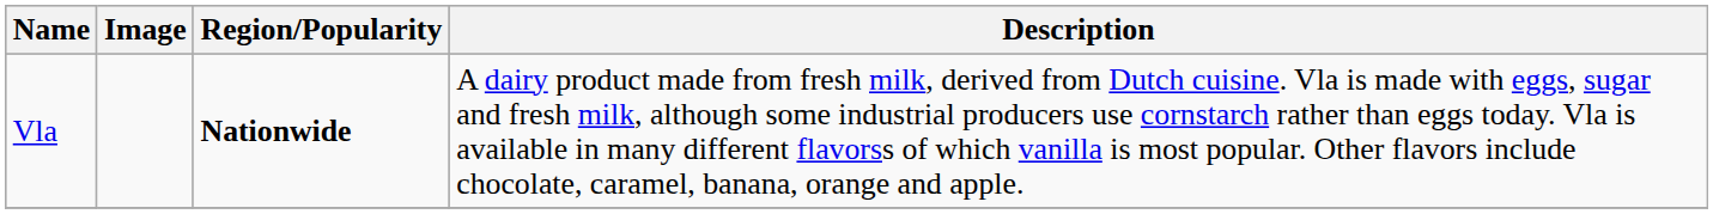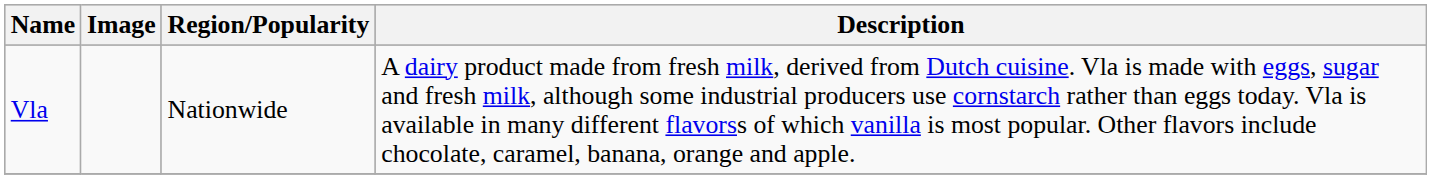 <table class="wikitable sortable" width="100%">
 <tr>
 <th>Name</th>
 <th>Image</th>
 <th>Region/Popularity</th>
 <th>Description</th>
 </tr>
 <tr>
 <td><a href='#'>Vla</a></td>
 <td></td>
-<td><strong>Nationwide</strong></td>
+<td>Nationwide</td>
 <td>A <a href='#'>dairy</a> product made from fresh <a href='#'>milk</a>, derived from <a href='#'>Dutch cuisine</a>. Vla is made with <a href='#'>eggs</a>, <a href='#'>sugar</a> and fresh <a href='#'>milk</a>, although some industrial producers use <a href='#'>cornstarch</a> rather than eggs today. Vla is available in many different <a href='#'>flavors</a>s of which <a href='#'>vanilla</a> is most popular. Other flavors include chocolate, caramel, banana, orange and apple.</td>
 </tr>
 <tr>
 </tr>
 </table>
